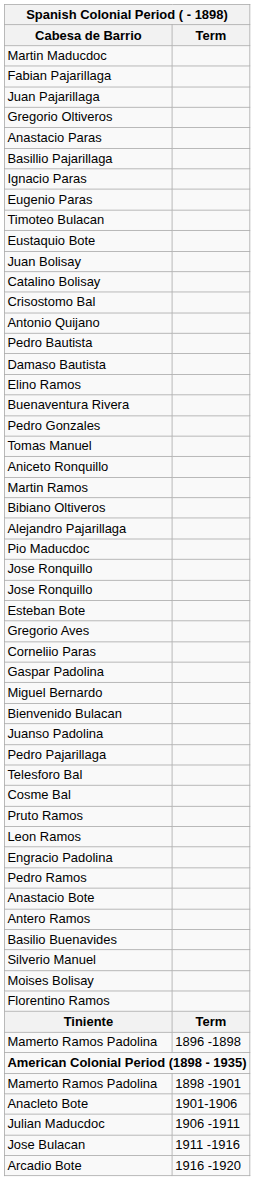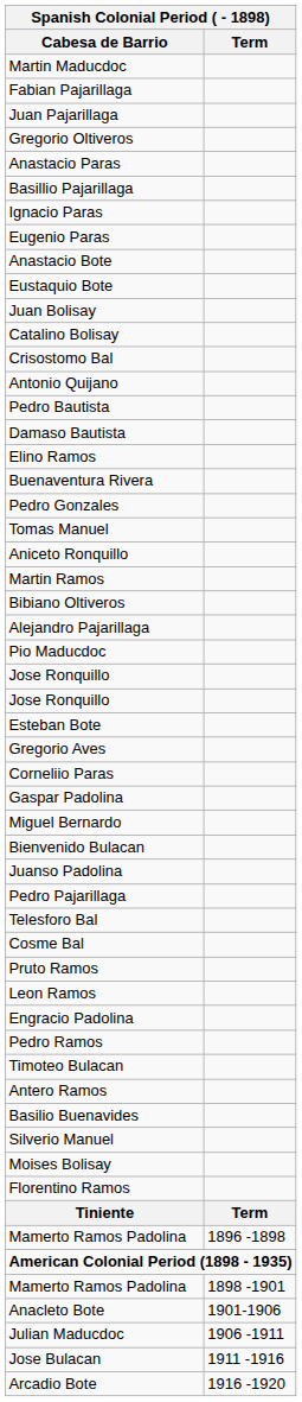 <table class="wikitable">
 <tr>
 <th colspan="2">Spanish Colonial Period ( - 1898)</th>
 </tr>
 <tr>
 <th>Cabesa de Barrio</th>
 <th>Term</th>
 </tr>
 <tr>
 <td>Martin Maducdoc</td>
 <td></td>
 </tr>
 <tr>
 <td>Fabian Pajarillaga</td>
 <td></td>
 </tr>
 <tr>
 <td>Juan Pajarillaga</td>
 <td></td>
 </tr>
 <tr>
 <td>Gregorio Oltiveros</td>
 <td></td>
 </tr>
 <tr>
 <td>Anastacio Paras</td>
 <td></td>
 </tr>
 <tr>
 <td>Basillio Pajarillaga</td>
 <td></td>
 </tr>
 <tr>
 <td>Ignacio Paras</td>
 <td></td>
 </tr>
 <tr>
 <td>Eugenio Paras</td>
 <td></td>
 </tr>
 <tr>
-<td>Timoteo Bulacan</td>
+<td>Anastacio Bote</td>
 <td></td>
 </tr>
 <tr>
 <td>Eustaquio Bote</td>
 <td></td>
 </tr>
 <tr>
 <td>Juan Bolisay</td>
 <td></td>
 </tr>
 <tr>
 <td>Catalino Bolisay</td>
 <td></td>
 </tr>
 <tr>
 <td>Crisostomo Bal</td>
 <td></td>
 </tr>
 <tr>
 <td>Antonio Quijano</td>
 <td></td>
 </tr>
 <tr>
 <td>Pedro Bautista</td>
 <td></td>
 </tr>
 <tr>
 <td>Damaso Bautista</td>
 <td></td>
 </tr>
 <tr>
 <td>Elino Ramos</td>
 <td></td>
 </tr>
 <tr>
 <td>Buenaventura Rivera</td>
 <td></td>
 </tr>
 <tr>
 <td>Pedro Gonzales</td>
 <td></td>
 </tr>
 <tr>
 <td>Tomas Manuel</td>
 <td></td>
 </tr>
 <tr>
 <td>Aniceto Ronquillo</td>
 <td></td>
 </tr>
 <tr>
 <td>Martin Ramos</td>
 <td></td>
 </tr>
 <tr>
 <td>Bibiano Oltiveros</td>
 <td></td>
 </tr>
 <tr>
 <td>Alejandro Pajarillaga</td>
 <td></td>
 </tr>
 <tr>
 <td>Pio Maducdoc</td>
 <td></td>
 </tr>
 <tr>
 <td>Jose Ronquillo</td>
 <td></td>
 </tr>
 <tr>
 <td>Jose Ronquillo</td>
 <td></td>
 </tr>
 <tr>
 <td>Esteban Bote</td>
 <td></td>
 </tr>
 <tr>
 <td>Gregorio Aves</td>
 <td></td>
 </tr>
 <tr>
 <td>Corneliio Paras</td>
 <td></td>
 </tr>
 <tr>
 <td>Gaspar Padolina</td>
 <td></td>
 </tr>
 <tr>
 <td>Miguel Bernardo</td>
 <td></td>
 </tr>
 <tr>
 <td>Bienvenido Bulacan</td>
 <td></td>
 </tr>
 <tr>
 <td>Juanso Padolina</td>
 <td></td>
 </tr>
 <tr>
 <td>Pedro Pajarillaga</td>
 <td></td>
 </tr>
 <tr>
 <td>Telesforo Bal</td>
 <td></td>
 </tr>
 <tr>
 <td>Cosme Bal</td>
 <td></td>
 </tr>
 <tr>
 <td>Pruto Ramos</td>
 <td></td>
 </tr>
 <tr>
 <td>Leon Ramos</td>
 <td></td>
 </tr>
 <tr>
 <td>Engracio Padolina</td>
 <td></td>
 </tr>
 <tr>
 <td>Pedro Ramos</td>
 <td></td>
 </tr>
 <tr>
-<td>Anastacio Bote</td>
+<td>Timoteo Bulacan</td>
 <td></td>
 </tr>
 <tr>
 <td>Antero Ramos</td>
 <td></td>
 </tr>
 <tr>
 <td>Basilio Buenavides</td>
 <td></td>
 </tr>
 <tr>
 <td>Silverio Manuel</td>
 <td></td>
 </tr>
 <tr>
 <td>Moises Bolisay</td>
 <td></td>
 </tr>
 <tr>
 <td>Florentino Ramos</td>
 <td></td>
 </tr>
 <tr>
 <th>Tiniente</th>
 <th>Term</th>
 </tr>
 <tr>
 <td>Mamerto Ramos Padolina</td>
 <td>1896 -1898</td>
 </tr>
 <tr>
 <td colspan="2"><strong>American Colonial Period (1898 - 1935)</strong></td>
 </tr>
 <tr>
 <td>Mamerto Ramos Padolina</td>
 <td>1898 -1901</td>
 </tr>
 <tr>
 <td>Anacleto Bote</td>
 <td>1901-1906</td>
 </tr>
 <tr>
 <td>Julian Maducdoc</td>
 <td>1906 -1911</td>
 </tr>
 <tr>
 <td>Jose Bulacan</td>
 <td>1911 -1916</td>
 </tr>
 <tr>
 <td>Arcadio Bote</td>
 <td>1916 -1920</td>
 </tr>
 </table>
